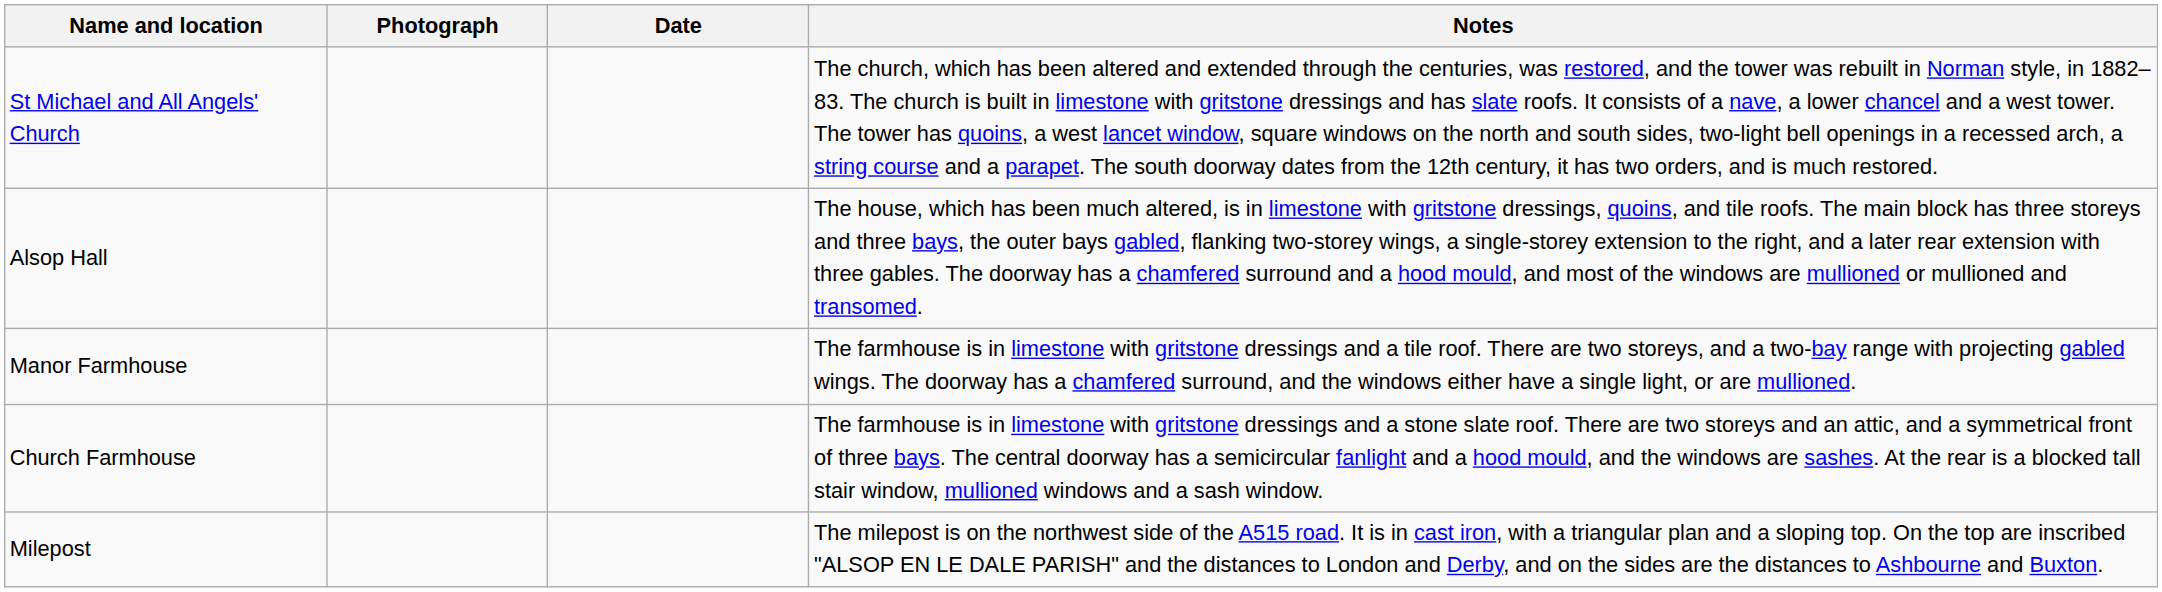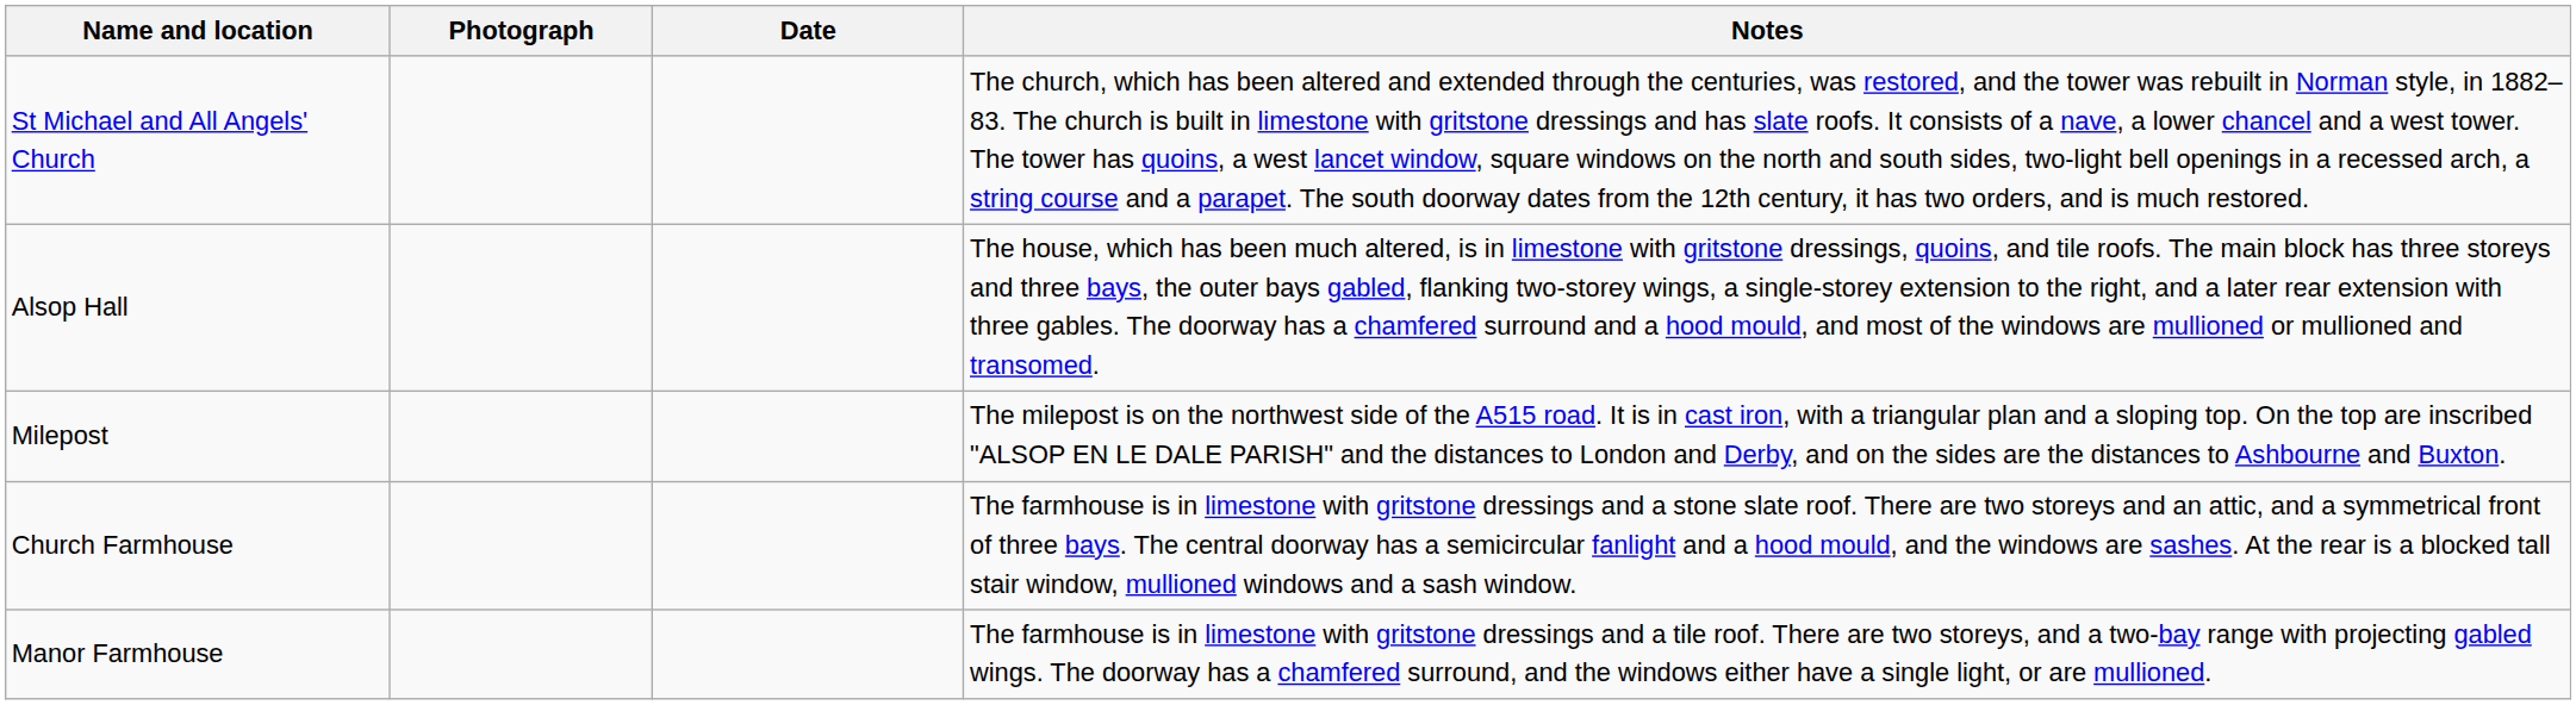 <table class="wikitable sortable plainrowheaders" style="width:100%;border:0px;text-align:left;line-height:150%;">
 <tr>
 <th scope="col"  style="width:150px">Name and location</th>
 <th scope="col"  style="width:100px" class="unsortable">Photograph</th>
 <th scope="col"  style="width:120px">Date</th>
 <th scope="col"  style="width:650px" class="unsortable">Notes</th>
 </tr>
 <tr>
 <td><a href='#'>St Michael and All Angels' Church</a><br><small></small></td>
 <td></td>
 <td align="center"></td>
 <td>The church, which has been altered and extended through the centuries, was <a href='#'>restored</a>, and the tower was rebuilt in <a href='#'>Norman</a> style, in 1882–83.  The church is built in <a href='#'>limestone</a> with <a href='#'>gritstone</a> dressings and has <a href='#'>slate</a> roofs.  It consists of a <a href='#'>nave</a>, a lower <a href='#'>chancel</a> and a west tower.  The tower has <a href='#'>quoins</a>, a west <a href='#'>lancet window</a>, square windows on the north and south sides, two-light bell openings in a recessed arch, a <a href='#'>string course</a> and a <a href='#'>parapet</a>.  The south doorway dates from the 12th century, it has two orders, and is much restored.</td>
 </tr>
 <tr>
 <td>Alsop Hall<br><small></small></td>
 <td></td>
 <td align="center"></td>
 <td>The house, which has been much altered, is in <a href='#'>limestone</a> with <a href='#'>gritstone</a> dressings, <a href='#'>quoins</a>, and tile roofs.  The main block has three storeys and three <a href='#'>bays</a>, the outer bays <a href='#'>gabled</a>, flanking two-storey wings, a single-storey extension to the right, and a later rear extension with three gables.  The doorway has a <a href='#'>chamfered</a> surround and a <a href='#'>hood mould</a>, and most of the windows are <a href='#'>mullioned</a> or mullioned and <a href='#'>transomed</a>.</td>
 </tr>
 <tr>
-<td>Manor Farmhouse<br><small></small></td>
+<td>Milepost<br><small></small></td>
 <td></td>
 <td align="center"></td>
-<td>The farmhouse is in <a href='#'>limestone</a> with <a href='#'>gritstone</a> dressings and a tile roof.  There are two storeys, and a two-<a href='#'>bay</a> range with projecting <a href='#'>gabled</a> wings.  The doorway has a <a href='#'>chamfered</a> surround, and the windows either have a single light, or are <a href='#'>mullioned</a>.</td>
+<td>The milepost is on the northwest side of the <a href='#'>A515 road</a>.  It is in <a href='#'>cast iron</a>, with a triangular plan and a sloping top.  On the top are inscribed "ALSOP EN LE DALE PARISH" and the distances to London and <a href='#'>Derby</a>, and on the sides are the distances to <a href='#'>Ashbourne</a> and <a href='#'>Buxton</a>.</td>
 </tr>
 <tr>
 <td>Church Farmhouse<br><small></small></td>
 <td></td>
 <td align="center"></td>
 <td>The farmhouse is in <a href='#'>limestone</a> with <a href='#'>gritstone</a> dressings and a stone slate roof.  There are two storeys and an attic, and a symmetrical front of three <a href='#'>bays</a>.  The central doorway has a semicircular <a href='#'>fanlight</a> and a <a href='#'>hood mould</a>, and the windows are <a href='#'>sashes</a>.  At the rear is a blocked tall stair window, <a href='#'>mullioned</a> windows and a sash window.</td>
 </tr>
 <tr>
-<td>Milepost<br><small></small></td>
+<td>Manor Farmhouse<br><small></small></td>
 <td></td>
 <td align="center"></td>
-<td>The milepost is on the northwest side of the <a href='#'>A515 road</a>.  It is in <a href='#'>cast iron</a>, with a triangular plan and a sloping top.  On the top are inscribed "ALSOP EN LE DALE PARISH" and the distances to London and <a href='#'>Derby</a>, and on the sides are the distances to <a href='#'>Ashbourne</a> and <a href='#'>Buxton</a>.</td>
+<td>The farmhouse is in <a href='#'>limestone</a> with <a href='#'>gritstone</a> dressings and a tile roof.  There are two storeys, and a two-<a href='#'>bay</a> range with projecting <a href='#'>gabled</a> wings.  The doorway has a <a href='#'>chamfered</a> surround, and the windows either have a single light, or are <a href='#'>mullioned</a>.</td>
 </tr>
 <tr>
 </tr>
 </table>
